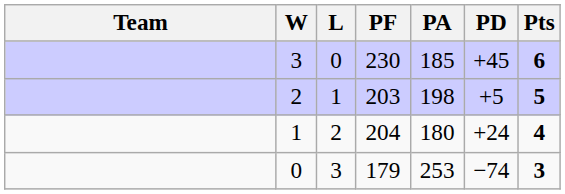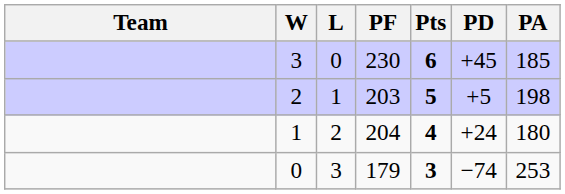 <table class="wikitable" style="text-align:center;">
 <tr>
 <th width=180>Team</th>
 <th width=20>W</th>
 <th width=20>L</th>
 <th width=30>PF</th>
+<th width=20>Pts</th>
+<th width=30>PD</th>
 <th width=30>PA</th>
-<th width=30>PD</th>
-<th width=20>Pts</th>
 </tr>
 <tr bgcolor="#CCCCFF">
 <td align=left></td>
 <td>3</td>
 <td>0</td>
 <td>230</td>
+<td><strong>6</strong></td>
+<td>+45</td>
 <td>185</td>
-<td>+45</td>
-<td><strong>6</strong></td>
 </tr>
 <tr bgcolor="#CCCCFF">
 <td align=left></td>
 <td>2</td>
 <td>1</td>
 <td>203</td>
+<td><strong>5</strong></td>
+<td>+5</td>
 <td>198</td>
-<td>+5</td>
-<td><strong>5</strong></td>
 </tr>
 <tr>
 <td align=left></td>
 <td>1</td>
 <td>2</td>
 <td>204</td>
+<td><strong>4</strong></td>
+<td>+24</td>
 <td>180</td>
-<td>+24</td>
-<td><strong>4</strong></td>
 </tr>
 <tr>
 <td align=left></td>
 <td>0</td>
 <td>3</td>
 <td>179</td>
+<td><strong>3</strong></td>
+<td>−74</td>
 <td>253</td>
-<td>−74</td>
-<td><strong>3</strong></td>
 </tr>
 </table>
